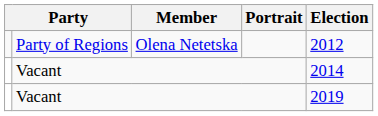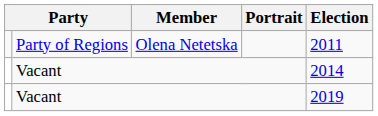 <table class="wikitable">
 <tr>
 <th colspan="2">Party</th>
 <th>Member</th>
 <th>Portrait</th>
 <th>Election</th>
 </tr>
 <tr>
 <td style="background-color: "></td>
 <td><a href='#'>Party of Regions</a></td>
 <td><a href='#'>Olena Netetska</a></td>
 <td></td>
-<td><a href='#'>2012</a></td>
+<td><a href='#'>2011</a></td>
 </tr>
 <tr>
 <td style="background-color: white"></td>
 <td colspan=3>Vacant</td>
 <td><a href='#'>2014</a></td>
 </tr>
 <tr>
 <td style="background-color: white"></td>
 <td colspan=3>Vacant</td>
 <td><a href='#'>2019</a></td>
 </tr>
 </table>
